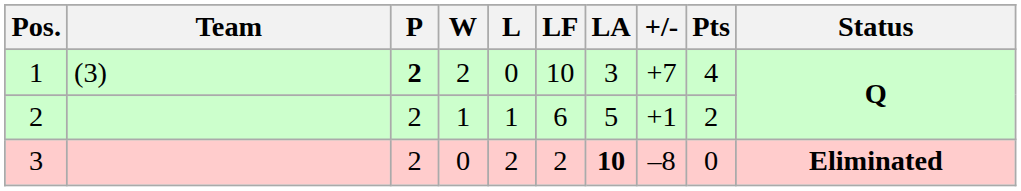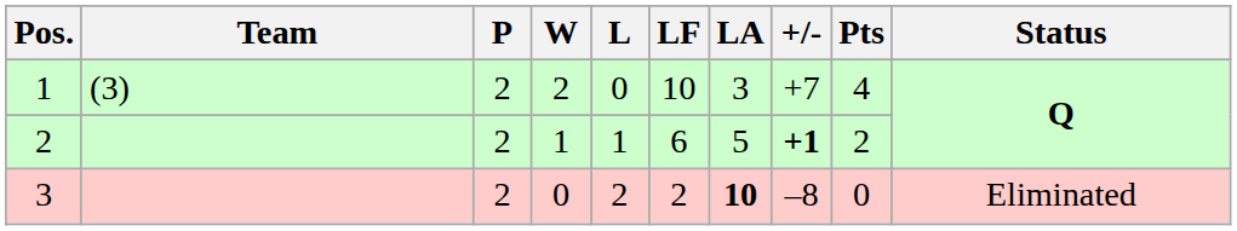 <table class="wikitable" style="text-align:center; margin: 1em auto 1em auto, align:left">
 <tr>
 <th width=20>Pos.</th>
 <th width=175>Team</th>
 <th width=20>P</th>
 <th width=20>W</th>
 <th width=20>L</th>
 <th width=20>LF</th>
 <th width=20>LA</th>
 <th width=20>+/-</th>
 <th width=20>Pts</th>
 <th width=150>Status</th>
 </tr>
 <tr style="background:#CCFFCC;">
 <td>1</td>
 <td style="text-align:left;"><strong></strong> (3)</td>
-<td><strong>2</strong></td>
+<td>2</td>
 <td>2</td>
 <td>0</td>
 <td>10</td>
 <td>3</td>
 <td>+7</td>
 <td>4</td>
 <td rowspan=2><strong>Q</strong></td>
 </tr>
 <tr style="background:#CCFFCC;">
 <td>2</td>
 <td style="text-align:left;"><strong></strong></td>
 <td>2</td>
 <td>1</td>
 <td>1</td>
 <td>6</td>
 <td>5</td>
-<td>+1</td>
+<td><strong>+1</strong></td>
 <td>2</td>
 </tr>
 <tr style="background:#FFCCCC;">
 <td>3</td>
 <td style="text-align:left;"></td>
 <td>2</td>
 <td>0</td>
 <td>2</td>
 <td>2</td>
 <td><strong>10</strong></td>
 <td>–8</td>
 <td>0</td>
-<td><strong>Eliminated</strong></td>
+<td>Eliminated</td>
 </tr>
 </table>
